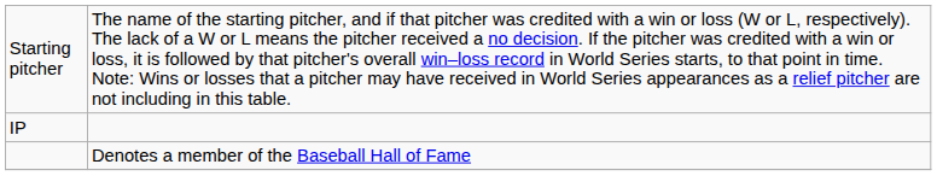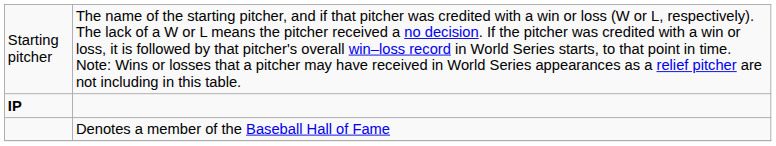 <table class="wikitable" width=66%>
 <tr>
 <td>Starting pitcher</td>
 <td>The name of the starting pitcher, and if that pitcher was credited with a win or loss (W or L, respectively). The lack of a W or L means the pitcher received a <a href='#'>no decision</a>. If the pitcher was credited with a win or loss, it is followed by that pitcher's overall <a href='#'>win–loss record</a> in World Series starts, to that point in time. Note: Wins or losses that a pitcher may have received in World Series appearances as a <a href='#'>relief pitcher</a> are not including in this table.</td>
 </tr>
 <tr>
-<td>IP</td>
+<td><strong>IP</strong></td>
 <td></td>
 </tr>
 <tr>
 <td></td>
 <td>Denotes a member of the <a href='#'>Baseball Hall of Fame</a></td>
 </tr>
 <tr>
 </tr>
 </table>
